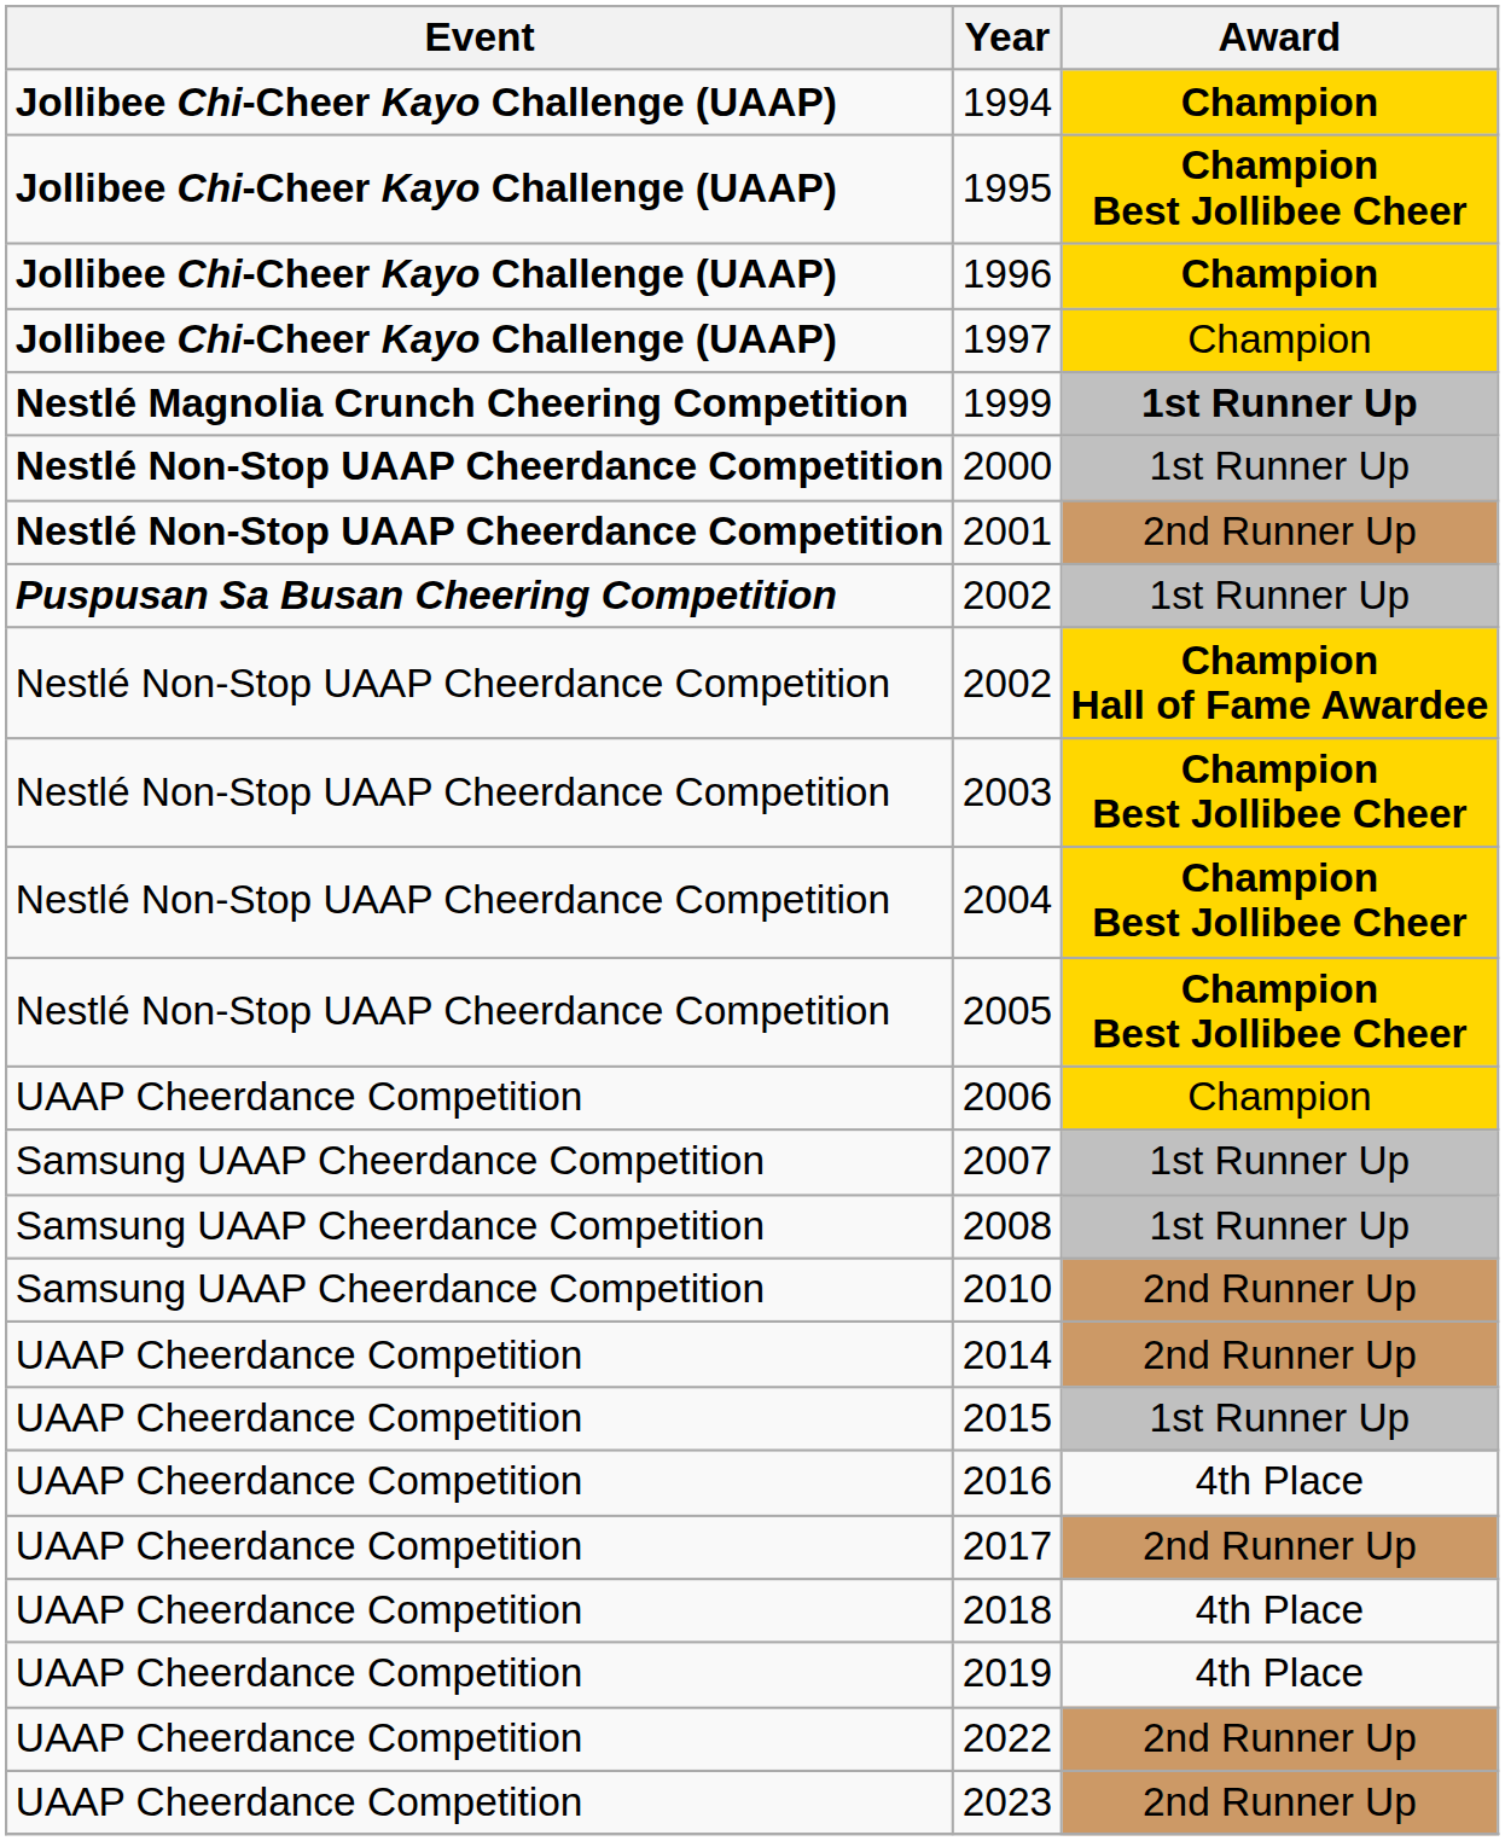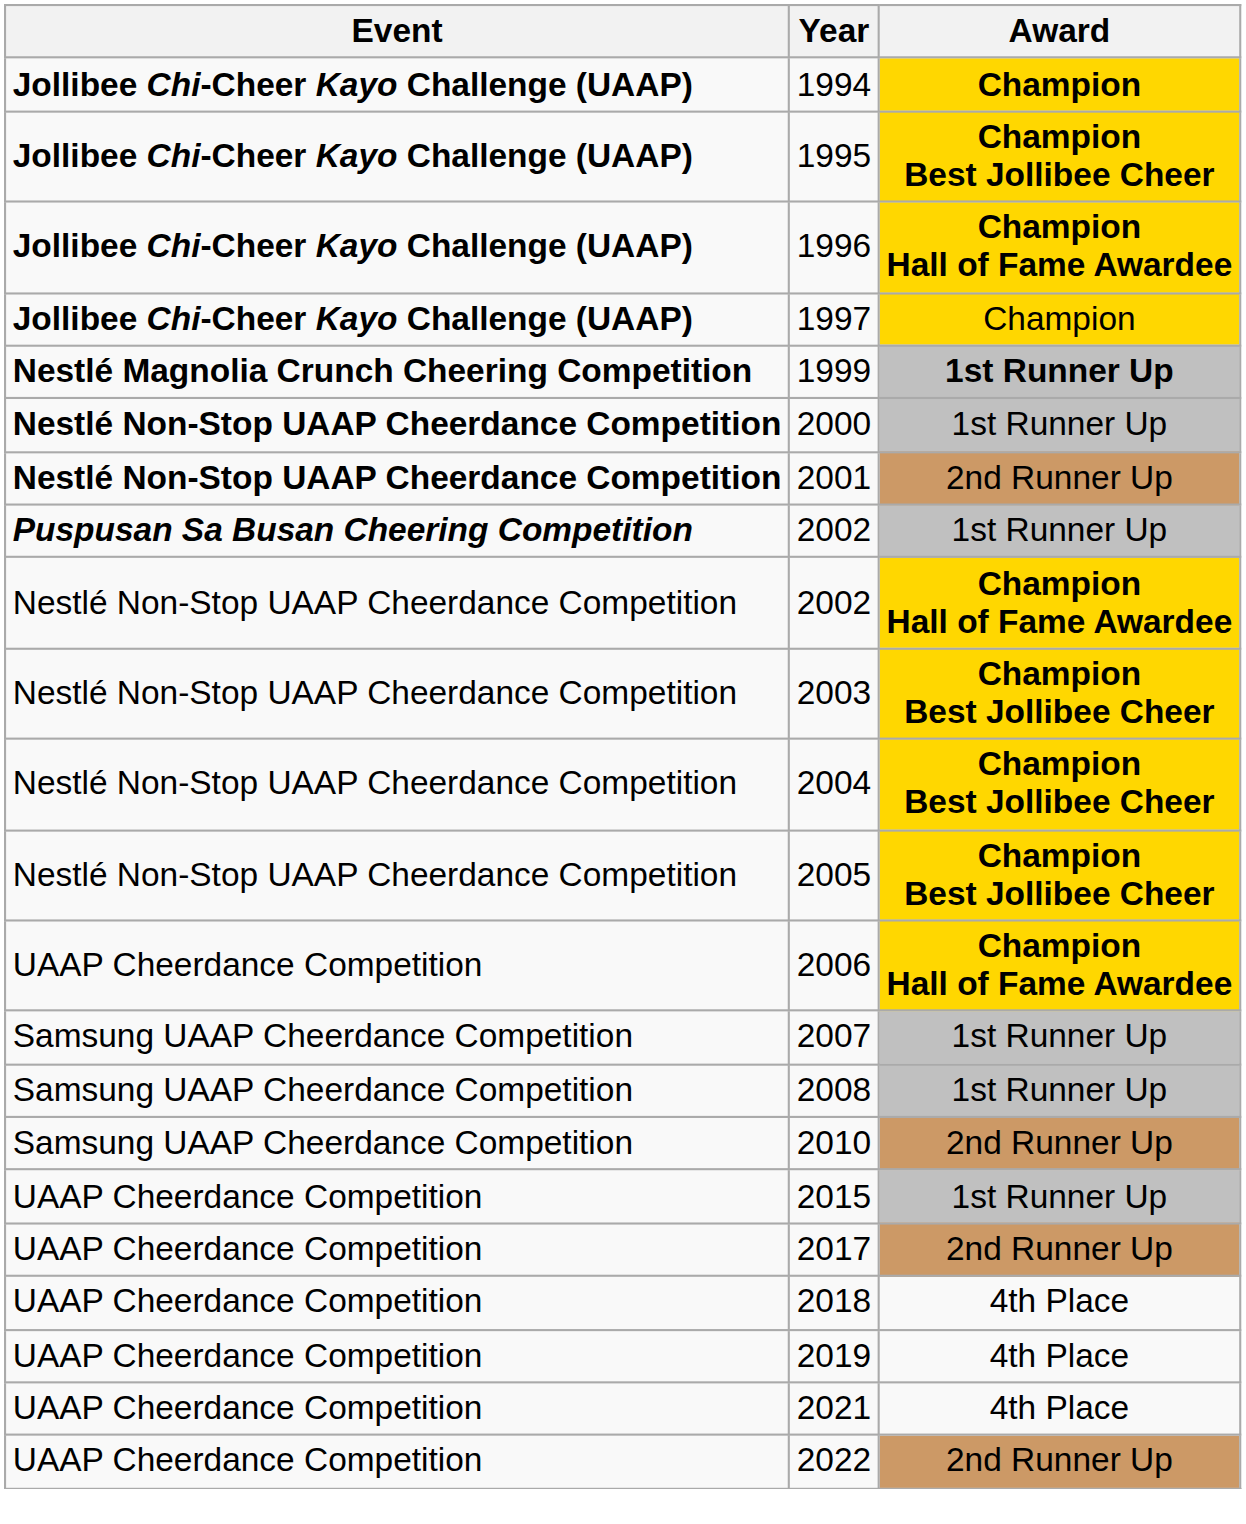 <table class="wikitable" style="text align: center">
 <tr>
 <th>Event</th>
 <th>Year</th>
 <th>Award</th>
 </tr>
 <tr>
 <td><strong>Jollibee <em>Chi</em>-Cheer <em>Kayo</em> Challenge (UAAP)</strong></td>
 <td style="text-align:center">1994</td>
 <td style="background:gold;text-align:center"><strong>Champion</strong></td>
 </tr>
 <tr>
 <td><strong>Jollibee <em>Chi</em>-Cheer <em>Kayo</em> Challenge (UAAP)</strong></td>
 <td style="text-align:center">1995</td>
 <td style="background:gold;text-align:center"><strong>Champion</strong><br><strong>Best Jollibee Cheer</strong></td>
 </tr>
 <tr>
 <td><strong>Jollibee <em>Chi</em>-Cheer <em>Kayo</em> Challenge (UAAP)</strong></td>
 <td style="text-align:center">1996</td>
-<td style="background:gold;text-align:center"><strong>Champion</strong></td>
+<td style="background:gold;text-align:center"><strong>Champion</strong><br><strong>Hall of Fame Awardee</strong></td>
 </tr>
 <tr>
 <td><strong>Jollibee <em>Chi</em>-Cheer <em>Kayo</em> Challenge (UAAP)</strong></td>
 <td style="text-align:center">1997</td>
 <td style="background:gold;text-align:center"></strong>Champion<strong></td>
 </tr>
 <tr>
 <td><strong>Nestlé Magnolia Crunch Cheering Competition</strong></td>
 <td style="text-align:center">1999</td>
 <td style="background:silver;text-align:center"><strong>1st Runner Up</strong></td>
 </tr>
 <tr>
 <td><strong>Nestlé Non-Stop UAAP Cheerdance Competition</strong></td>
 <td style="text-align:center">2000</td>
 <td style="background:silver;text-align:center">1st Runner Up</td>
 </tr>
 <tr>
 <td><strong>Nestlé Non-Stop UAAP Cheerdance Competition</strong></td>
 <td style="text-align:center">2001</td>
 <td style="background:#cc9966;text-align:center">2nd Runner Up</td>
 </tr>
 <tr>
 <td><strong><em>Puspusan Sa<em> Busan Cheering Competition<strong></td>
 <td style="text-align:center">2002</td>
 <td style="background:silver;text-align:center">1st Runner Up</td>
 </tr>
 <tr>
 <td></strong>Nestlé Non-Stop UAAP Cheerdance Competition<strong></td>
 <td style="text-align:center">2002</td>
 <td style="background:gold;text-align:center"><strong>Champion</strong><br><strong>Hall of Fame Awardee</strong></td>
 </tr>
 <tr>
 <td></strong>Nestlé Non-Stop UAAP Cheerdance Competition<strong></td>
 <td style="text-align:center">2003</td>
 <td style="background:gold;text-align:center"><strong>Champion</strong><br><strong>Best Jollibee Cheer</strong></td>
 </tr>
 <tr>
 <td></strong>Nestlé Non-Stop UAAP Cheerdance Competition<strong></td>
 <td style="text-align:center">2004</td>
 <td style="background:gold;text-align:center"><strong>Champion</strong><br><strong>Best Jollibee Cheer</strong></td>
 </tr>
 <tr>
 <td></strong>Nestlé Non-Stop UAAP Cheerdance Competition<strong></td>
 <td style="text-align:center">2005</td>
 <td style="background:gold;text-align:center"><strong>Champion</strong><br><strong>Best Jollibee Cheer</strong></td>
 </tr>
 <tr>
 <td></strong>UAAP Cheerdance Competition<strong></td>
 <td style="text-align:center">2006</td>
-<td style="background:gold;text-align:center"></strong>Champion<strong></td>
+<td style="background:gold;text-align:center"><strong>Champion</strong><br><strong>Hall of Fame Awardee</strong></td>
 </tr>
 <tr>
 <td></strong>Samsung UAAP Cheerdance Competition<strong></td>
 <td style="text-align:center">2007</td>
 <td style="background:silver;text-align:center">1st Runner Up</td>
 </tr>
 <tr>
 <td></strong>Samsung UAAP Cheerdance Competition<strong></td>
 <td style="text-align:center">2008</td>
 <td style="background:silver;text-align:center">1st Runner Up</td>
 </tr>
 <tr>
 <td></strong>Samsung UAAP Cheerdance Competition<strong></td>
 <td style="text-align:center">2010</td>
 <td style="background:#cc9966;text-align:center">2nd Runner Up</td>
 </tr>
 <tr>
 <td></strong>UAAP Cheerdance Competition<strong></td>
-<td style="text-align:center">2014</td>
-<td style="background:#cc9966;text-align:center">2nd Runner Up</td>
-</tr>
-<tr>
-<td></strong>UAAP Cheerdance Competition<strong></td>
 <td style="text-align:center">2015</td>
 <td style="background:silver;text-align:center">1st Runner Up</td>
-</tr>
-<tr>
-<td></strong>UAAP Cheerdance Competition<strong></td>
-<td style="text-align:center">2016</td>
-<td style="background:#black;text-align:center">4th Place</td>
 </tr>
 <tr>
 <td></strong>UAAP Cheerdance Competition<strong></td>
 <td style="text-align:center">2017</td>
 <td style="background:#cc9966;text-align:center">2nd Runner Up</td>
 </tr>
 <tr>
 <td></strong>UAAP Cheerdance Competition<strong></td>
 <td style="text-align:center">2018</td>
 <td style="background:#black;text-align:center">4th Place</td>
 </tr>
 <tr>
 <td></strong>UAAP Cheerdance Competition<strong></td>
 <td style="text-align:center">2019</td>
 <td style="background:#black;text-align:center">4th Place</td>
 </tr>
 <tr>
 <td></strong>UAAP Cheerdance Competition<strong></td>
-<td style="text-align:center">2022</td>
-<td style="background:#cc9966;text-align:center">2nd Runner Up</td>
+<td style="text-align:center">2021</td>
+<td style="background:#black;text-align:center">4th Place</td>
 </tr>
 <tr>
 <td></strong>UAAP Cheerdance Competition<strong></td>
-<td style="text-align:center">2023</td>
+<td style="text-align:center">2022</td>
 <td style="background:#cc9966;text-align:center">2nd Runner Up</td>
 </tr>
 <tr>
 </tr>
 </table>
